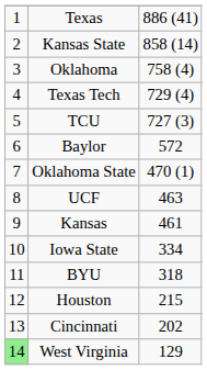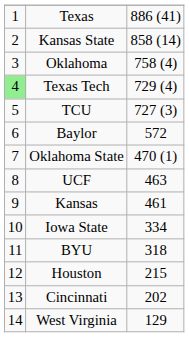 <table class="wikitable" style="display: inline-table;">
 <tr align="center">
 </tr>
 <tr align="center">
 <td>1</td>
 <td>Texas</td>
 <td>886 (41)</td>
 </tr>
 <tr align="center">
 <td>2</td>
 <td>Kansas State</td>
 <td>858 (14)</td>
 </tr>
 <tr align="center">
 <td>3</td>
 <td>Oklahoma</td>
 <td>758 (4)</td>
 </tr>
 <tr align="center">
-<td>4</td>
+<td style="background: lightgreen;">4</td>
 <td>Texas Tech</td>
 <td>729 (4)</td>
 </tr>
 <tr align="center">
 <td>5</td>
 <td>TCU</td>
 <td>727 (3)</td>
 </tr>
 <tr align="center">
 <td>6</td>
 <td>Baylor</td>
 <td>572</td>
 </tr>
 <tr align="center">
 <td>7</td>
 <td>Oklahoma State</td>
 <td>470 (1)</td>
 </tr>
 <tr align="center">
 <td>8</td>
 <td>UCF</td>
 <td>463</td>
 </tr>
 <tr align="center">
 <td>9</td>
 <td>Kansas</td>
 <td>461</td>
 </tr>
 <tr align="center">
 <td>10</td>
 <td>Iowa State</td>
 <td>334</td>
 </tr>
 <tr align="center">
 <td>11</td>
 <td>BYU</td>
 <td>318</td>
 </tr>
 <tr align="center">
 <td>12</td>
 <td>Houston</td>
 <td>215</td>
 </tr>
 <tr align="center">
 <td>13</td>
 <td>Cincinnati</td>
 <td>202</td>
 </tr>
 <tr align="center">
-<td style="background: lightgreen;">14</td>
+<td>14</td>
 <td>West Virginia</td>
 <td>129</td>
 </tr>
 </table>
